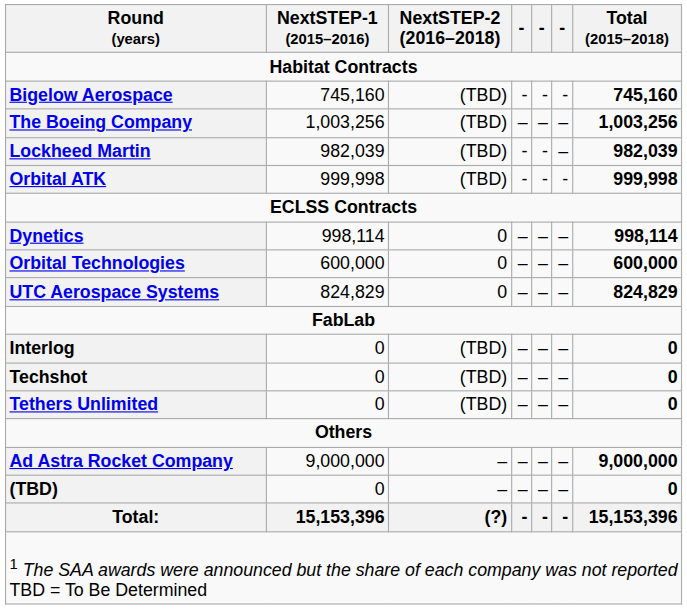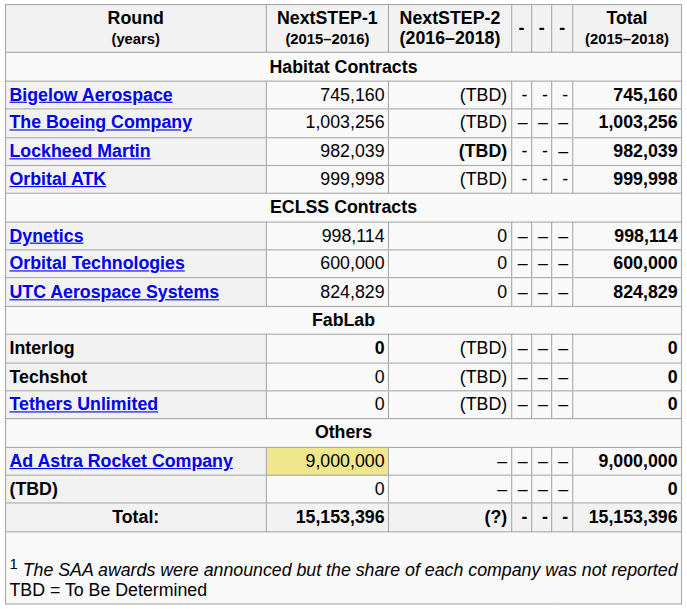 <table class="wikitable" style="margin: 1em auto 1em auto;">
 <tr>
 <th>Round<br><small>(years)</small></th>
 <th>NextSTEP-1<br><small>(2015–2016)</small></th>
 <th>NextSTEP-2<br>(2016–2018)</th>
 <th>-</th>
 <th>-</th>
 <th>-</th>
 <th>Total<br><small>(2015–2018)</small></th>
 </tr>
 <tr>
 <td style="text-align:center" colspan="7"><strong>Habitat Contracts</strong></td>
 </tr>
 <tr>
 <th style="text-align:left"><a href='#'>Bigelow Aerospace</a></th>
 <td style="text-align:right">745,160</td>
 <td style="text-align:right">(TBD)</td>
 <td style="text-align:right">-</td>
 <td style="text-align:right">-</td>
 <td style="text-align:right">-</td>
 <td style="text-align:right"><strong>745,160</strong></td>
 </tr>
 <tr>
 <th style="text-align:left"><a href='#'>The Boeing Company</a></th>
 <td style="text-align:right">1,003,256</td>
 <td style="text-align:right">(TBD)</td>
 <td style="text-align:right">–</td>
 <td style="text-align:right">–</td>
 <td style="text-align:right">–</td>
 <td style="text-align:right"><strong>1,003,256</strong></td>
 </tr>
 <tr>
 <th style="text-align:left"><a href='#'>Lockheed Martin</a></th>
 <td style="text-align:right">982,039</td>
-<td style="text-align:right">(TBD)</td>
+<td style="text-align:right"><strong>(TBD)</strong></td>
 <td style="text-align:right">-</td>
 <td style="text-align:right">-</td>
 <td style="text-align:right">–</td>
 <td style="text-align:right"><strong>982,039</strong></td>
 </tr>
 <tr>
 <th style="text-align:left"><a href='#'>Orbital ATK</a></th>
 <td style="text-align:right">999,998</td>
 <td style="text-align:right">(TBD)</td>
 <td style="text-align:right">-</td>
 <td style="text-align:right">-</td>
 <td style="text-align:right">-</td>
 <td style="text-align:right"><strong>999,998</strong></td>
 </tr>
 <tr>
 <td style="text-align:center" colspan="7"><strong>ECLSS Contracts</strong></td>
 </tr>
 <tr>
 <th style="text-align:left"><a href='#'>Dynetics</a></th>
 <td style="text-align:right">998,114</td>
 <td style="text-align:right">0</td>
 <td style="text-align:right">–</td>
 <td style="text-align:right">–</td>
 <td style="text-align:right">–</td>
 <td style="text-align:right"><strong>998,114</strong></td>
 </tr>
 <tr>
 <th style="text-align:left"><a href='#'>Orbital Technologies</a></th>
 <td style="text-align:right">600,000</td>
 <td style="text-align:right">0</td>
 <td style="text-align:right">–</td>
 <td style="text-align:right">–</td>
 <td style="text-align:right">–</td>
 <td style="text-align:right"><strong>600,000</strong></td>
 </tr>
 <tr>
 <th style="text-align:left"><a href='#'>UTC Aerospace Systems</a></th>
 <td style="text-align:right">824,829</td>
 <td style="text-align:right">0</td>
 <td style="text-align:right">–</td>
 <td style="text-align:right">–</td>
 <td style="text-align:right">–</td>
 <td style="text-align:right"><strong>824,829</strong></td>
 </tr>
 <tr>
 <td style="text-align:center" colspan="7"><strong>FabLab</strong></td>
 </tr>
 <tr>
 <th style="text-align:left">Interlog</th>
-<td style="text-align:right">0</td>
+<td style="text-align:right"><strong>0</strong></td>
 <td style="text-align:right">(TBD)</td>
 <td style="text-align:right">–</td>
 <td style="text-align:right">–</td>
 <td style="text-align:right">–</td>
 <td style="text-align:right"><strong>0</strong></td>
 </tr>
 <tr>
 <th style="text-align:left">Techshot</th>
 <td style="text-align:right">0</td>
 <td style="text-align:right">(TBD)</td>
 <td style="text-align:right">–</td>
 <td style="text-align:right">–</td>
 <td style="text-align:right">–</td>
 <td style="text-align:right"><strong>0</strong></td>
 </tr>
 <tr>
 <th style="text-align:left"><a href='#'>Tethers Unlimited</a></th>
 <td style="text-align:right">0</td>
 <td style="text-align:right">(TBD)</td>
 <td style="text-align:right">–</td>
 <td style="text-align:right">–</td>
 <td style="text-align:right">–</td>
 <td style="text-align:right"><strong>0</strong></td>
 </tr>
 <tr>
 <td style="text-align:center" colspan="7"><strong>Others</strong></td>
 </tr>
 <tr>
 <th style="text-align:left"><a href='#'>Ad Astra Rocket Company</a></th>
-<td style="text-align:right"> 9,000,000</td>
+<td style="background: khaki; text-align:right"> 9,000,000</td>
 <td style="text-align:right">–</td>
 <td style="text-align:right">–</td>
 <td style="text-align:right">–</td>
 <td style="text-align:right">–</td>
 <td style="text-align:right"><strong>9,000,000</strong></td>
 </tr>
 <tr>
 <th style="text-align:left">(TBD)</th>
 <td style="text-align:right">0</td>
 <td style="text-align:right">–</td>
 <td style="text-align:right">–</td>
 <td style="text-align:right">–</td>
 <td style="text-align:right">–</td>
 <td style="text-align:right"><strong>0</strong></td>
 </tr>
 <tr>
 <th>Total:</th>
 <th style="text-align:right">15,153,396</th>
 <th style="text-align:right">(?)</th>
 <th style="text-align:right">-</th>
 <th style="text-align:right">-</th>
 <th style="text-align:right">-</th>
 <th style="text-align:right"><strong>15,153,396</strong></th>
 </tr>
 <tr>
 <td style="text-align:left" colspan="7"><br><sup>1</sup> <em>The SAA awards were announced but the share of each company was not reported</em><br> TBD = To Be Determined<br></td>
 </tr>
 </table>
